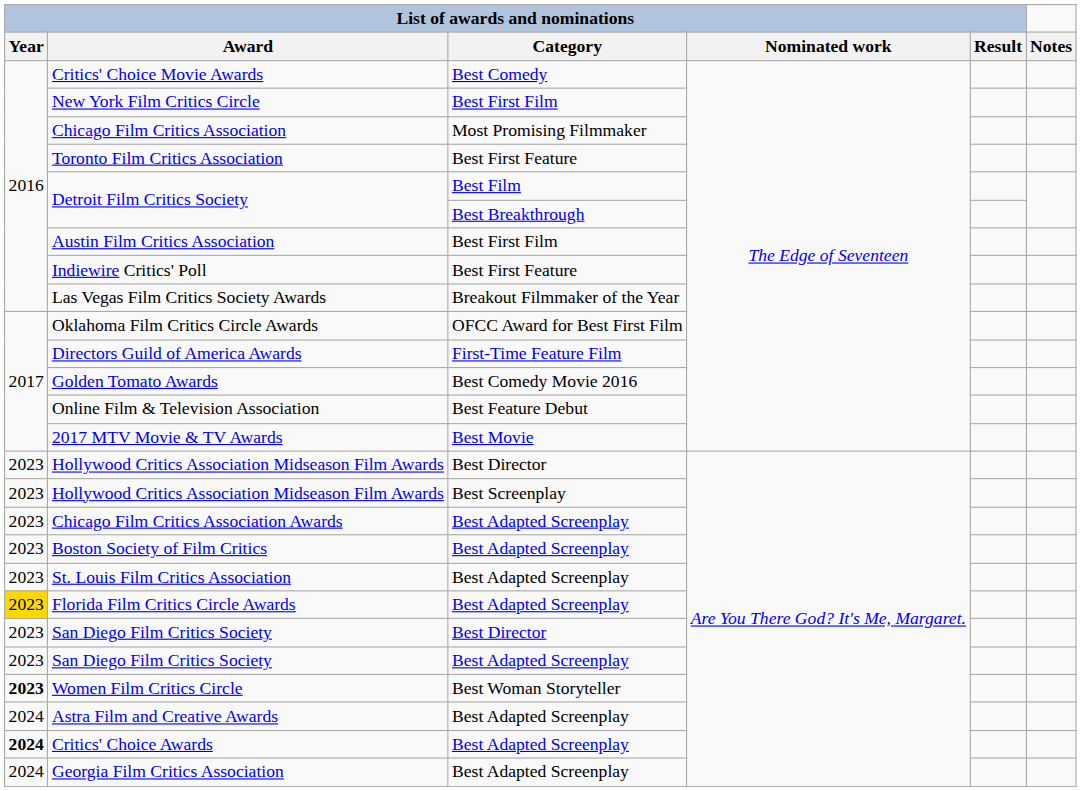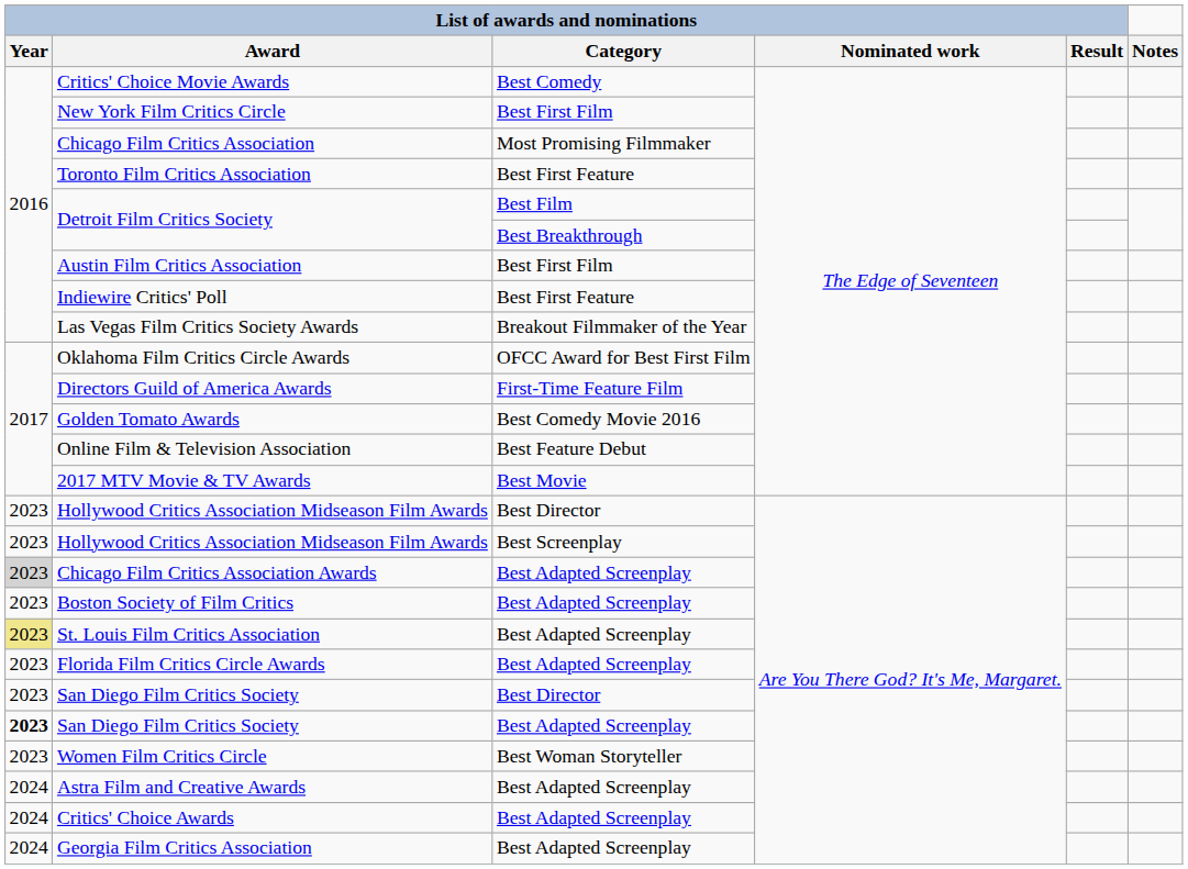 <table class="wikitable">
 <tr>
 </tr>
 <tr style="text-align:center;">
 <th colspan="5" style="background:#B0C4DE;">List of awards and nominations</th>
 </tr>
 <tr style="background:#ccc; text-align:center;">
 <th>Year</th>
 <th>Award</th>
 <th>Category</th>
 <th>Nominated work</th>
 <th>Result</th>
 <th>Notes</th>
 </tr>
 <tr>
 <td rowspan="9">2016</td>
 <td><a href='#'>Critics' Choice Movie Awards</a></td>
 <td><a href='#'>Best Comedy</a></td>
 <td rowspan="14" align="center"><em><a href='#'>The Edge of Seventeen</a></em></td>
 <td></td>
 <td><br></td>
 </tr>
 <tr>
 <td><a href='#'>New York Film Critics Circle</a></td>
 <td><a href='#'>Best First Film</a></td>
 <td></td>
 <td></td>
 </tr>
 <tr>
 <td><a href='#'>Chicago Film Critics Association</a></td>
 <td>Most Promising Filmmaker</td>
 <td></td>
 <td></td>
 </tr>
 <tr>
 <td><a href='#'>Toronto Film Critics Association</a></td>
 <td>Best First Feature</td>
 <td></td>
 <td></td>
 </tr>
 <tr>
 <td rowspan="2"><a href='#'>Detroit Film Critics Society</a></td>
 <td><a href='#'>Best Film</a></td>
 <td></td>
 <td rowspan="2"></td>
 </tr>
 <tr>
 <td><a href='#'>Best Breakthrough</a></td>
 <td></td>
 </tr>
 <tr>
 <td><a href='#'>Austin Film Critics Association</a></td>
 <td>Best First Film</td>
 <td></td>
 <td></td>
 </tr>
 <tr>
 <td><a href='#'>Indiewire</a> Critics' Poll</td>
 <td>Best First Feature</td>
 <td></td>
 <td></td>
 </tr>
 <tr>
 <td>Las Vegas Film Critics Society Awards</td>
 <td>Breakout Filmmaker of the Year</td>
 <td></td>
 <td></td>
 </tr>
 <tr>
 <td rowspan="5">2017</td>
 <td>Oklahoma Film Critics Circle Awards</td>
 <td>OFCC Award for Best First Film</td>
 <td></td>
 <td></td>
 </tr>
 <tr>
 <td><a href='#'>Directors Guild of America Awards</a></td>
 <td><a href='#'>First-Time Feature Film</a></td>
 <td></td>
 <td></td>
 </tr>
 <tr>
 <td><a href='#'>Golden Tomato Awards</a></td>
 <td>Best Comedy Movie 2016</td>
 <td></td>
 <td></td>
 </tr>
 <tr>
 <td>Online Film & Television Association</td>
 <td>Best Feature Debut</td>
 <td></td>
 <td></td>
 </tr>
 <tr>
 <td><a href='#'>2017 MTV Movie & TV Awards</a></td>
 <td><a href='#'>Best Movie</a></td>
 <td></td>
 <td></td>
 </tr>
 <tr>
 <td>2023</td>
 <td><a href='#'>Hollywood Critics Association Midseason Film Awards</a></td>
 <td>Best Director</td>
 <td rowspan="14" align="center"><em><a href='#'>Are You There God? It's Me, Margaret.</a></em></td>
 <td></td>
 <td></td>
 </tr>
 <tr>
 <td>2023</td>
 <td><a href='#'>Hollywood Critics Association Midseason Film Awards</a></td>
 <td>Best Screenplay</td>
 <td></td>
 <td></td>
 </tr>
 <tr>
-<td>2023</td>
+<td style="background: lightgrey;">2023</td>
 <td><a href='#'>Chicago Film Critics Association Awards</a></td>
 <td><a href='#'>Best Adapted Screenplay</a></td>
 <td></td>
 <td></td>
 </tr>
 <tr>
 <td>2023</td>
 <td><a href='#'>Boston Society of Film Critics</a></td>
 <td><a href='#'>Best Adapted Screenplay</a></td>
 <td></td>
 <td></td>
 </tr>
 <tr>
-<td>2023</td>
+<td style="background: khaki;">2023</td>
 <td><a href='#'>St. Louis Film Critics Association</a></td>
 <td>Best Adapted Screenplay</td>
 <td></td>
 <td></td>
 </tr>
 <tr>
-<td style="background: gold;">2023</td>
+<td>2023</td>
 <td><a href='#'>Florida Film Critics Circle Awards</a></td>
 <td><a href='#'>Best Adapted Screenplay</a></td>
 <td></td>
 <td></td>
 </tr>
 <tr>
 <td>2023</td>
 <td><a href='#'>San Diego Film Critics Society</a></td>
 <td><a href='#'>Best Director</a></td>
 <td></td>
 <td></td>
 </tr>
 <tr>
-<td>2023</td>
+<td><strong>2023</strong></td>
 <td><a href='#'>San Diego Film Critics Society</a></td>
 <td><a href='#'>Best Adapted Screenplay</a></td>
 <td></td>
 <td></td>
 </tr>
 <tr>
-<td><strong>2023</strong></td>
+<td>2023</td>
 <td><a href='#'>Women Film Critics Circle</a></td>
 <td>Best Woman Storyteller</td>
 <td></td>
 <td></td>
 </tr>
 <tr>
 <td>2024</td>
 <td><a href='#'>Astra Film and Creative Awards</a></td>
 <td>Best Adapted Screenplay</td>
 <td></td>
 <td></td>
 </tr>
 <tr>
-<td><strong>2024</strong></td>
+<td>2024</td>
 <td><a href='#'>Critics' Choice Awards</a></td>
 <td><a href='#'>Best Adapted Screenplay</a></td>
 <td></td>
 <td></td>
 </tr>
 <tr>
 <td>2024</td>
 <td><a href='#'>Georgia Film Critics Association</a></td>
 <td>Best Adapted Screenplay</td>
 <td></td>
 <td></td>
 </tr>
 </table>
